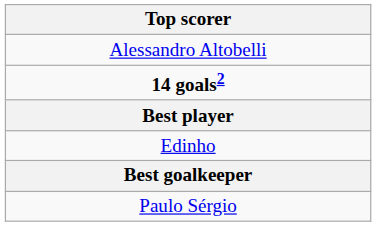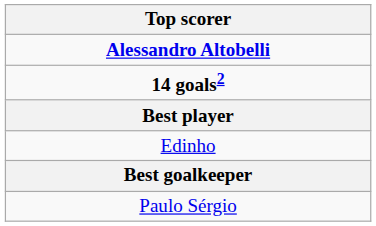 <table class="wikitable" style="margin: 1em auto 1em auto;">
 <tr>
 <th width=300>Top scorer</th>
 </tr>
 <tr align=center style="background:">
-<td style="text-align:center;" width=170> <a href='#'>Alessandro Altobelli</a></td>
+<td style="text-align:center;" width=170><strong> <a href='#'>Alessandro Altobelli</a></strong></td>
 </tr>
 <tr>
 <td style="text-align:center;" colspan=2><strong>14 goals</strong><sup><strong><a href='#'>2</a></strong></sup></td>
 </tr>
 <tr>
 <th colspan=2>Best player</th>
 </tr>
 <tr>
 <td style="text-align:center;" colspan=2> <a href='#'>Edinho</a></td>
 </tr>
 <tr>
 <th colspan=2>Best goalkeeper</th>
 </tr>
 <tr>
 <td style="text-align:center;" colspan=2> <a href='#'>Paulo Sérgio</a></td>
 </tr>
 </table>
